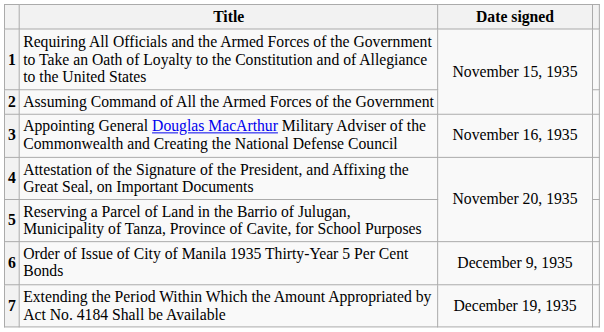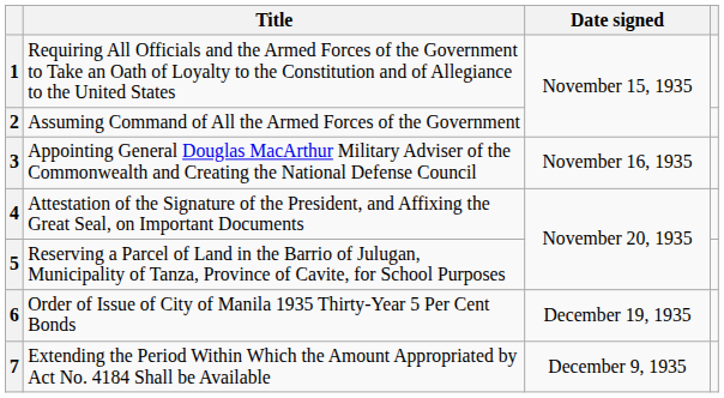 <table class="wikitable sortable" style="text-align:center;">
 <tr>
 <th scope="col"></th>
 <th scope="col">Title</th>
 <th scope="col" width="150px">Date signed</th>
 <th scope="col" class="unsortable"></th>
 </tr>
 <tr>
 <th scope="row">1</th>
 <td style="text-align:left;">Requiring All Officials and the Armed Forces of the Government to Take an Oath of Loyalty to the Constitution and of Allegiance to the United States</td>
 <td rowspan=2>November 15, 1935</td>
 <td></td>
 </tr>
 <tr>
 <th scope="row">2</th>
 <td style="text-align:left;">Assuming Command of All the Armed Forces of the Government</td>
 <td></td>
 </tr>
 <tr>
 <th scope="row">3</th>
 <td style="text-align:left;">Appointing General <a href='#'>Douglas MacArthur</a> Military Adviser of the Commonwealth and Creating the National Defense Council</td>
 <td>November 16, 1935</td>
 <td></td>
 </tr>
 <tr>
 <th scope="row">4</th>
 <td style="text-align:left;">Attestation of the Signature of the President, and Affixing the Great Seal, on Important Documents</td>
 <td rowspan=2>November 20, 1935</td>
 <td></td>
 </tr>
 <tr>
 <th scope="row">5</th>
 <td style="text-align:left;">Reserving a Parcel of Land in the Barrio of Julugan, Municipality of Tanza, Province of Cavite, for School Purposes</td>
 <td></td>
 </tr>
 <tr>
 <th scope="row">6</th>
 <td style="text-align:left;">Order of Issue of City of Manila 1935 Thirty-Year 5 Per Cent Bonds</td>
-<td>December 9, 1935</td>
+<td>December 19, 1935</td>
 <td></td>
 </tr>
 <tr>
 <th scope="row">7</th>
 <td style="text-align:left;">Extending the Period Within Which the Amount Appropriated by Act No. 4184 Shall be Available</td>
-<td>December 19, 1935</td>
+<td>December 9, 1935</td>
 <td></td>
 </tr>
 </table>
